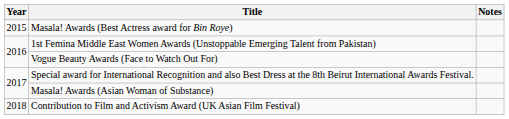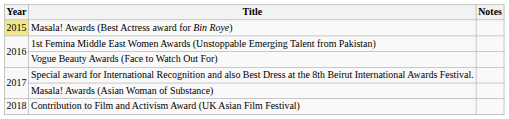 <table class="wikitable">
 <tr>
 <th>Year</th>
 <th>Title</th>
 <th>Notes</th>
 </tr>
 <tr>
-<td>2015</td>
+<td style="background: khaki;">2015</td>
 <td>Masala! Awards (Best Actress award for <em>Bin Roye</em>)</td>
 <td></td>
 </tr>
 <tr>
 <td rowspan=2>2016</td>
 <td>1st Femina Middle East Women Awards (Unstoppable Emerging Talent from Pakistan)</td>
 <td></td>
 </tr>
 <tr>
 <td>Vogue Beauty Awards (Face to Watch Out For)</td>
 <td></td>
 </tr>
 <tr>
 <td rowspan=2>2017</td>
 <td>Special award for International Recognition and also Best Dress at the 8th Beirut International Awards Festival.</td>
 <td></td>
 </tr>
 <tr>
 <td>Masala! Awards (Asian Woman of Substance)</td>
 <td></td>
 </tr>
 <tr>
 <td>2018</td>
 <td>Contribution to Film and Activism Award (UK Asian Film Festival)</td>
 <td></td>
 </tr>
 </table>
